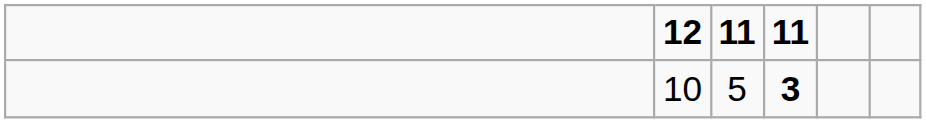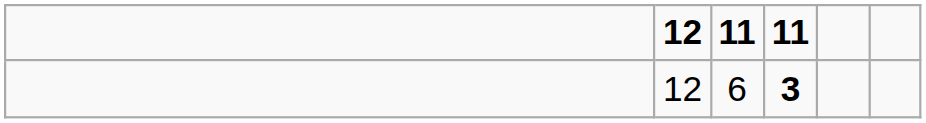 <table class="wikitable">
 <tr>
 <td style="width:18em"><strong></strong></td>
 <td align=center style="width:1em"><strong>12</strong></td>
 <td align=center style="width:1em"><strong>11</strong></td>
 <td align=center style="width:1em"><strong>11</strong></td>
 <td align=center style="width:1em"></td>
 <td align=center style="width:1em"></td>
 </tr>
 <tr>
 <td style="width:18em"></td>
-<td align=center style="width:1em">10</td>
-<td align=center style="width:1em">5</td>
+<td align=center style="width:1em">12</td>
+<td align=center style="width:1em">6</td>
 <td align=center style="width:1em"><strong>3</strong></td>
 <td align=center style="width:1em"></td>
 <td align=center style="width:1em"></td>
 </tr>
 </table>
